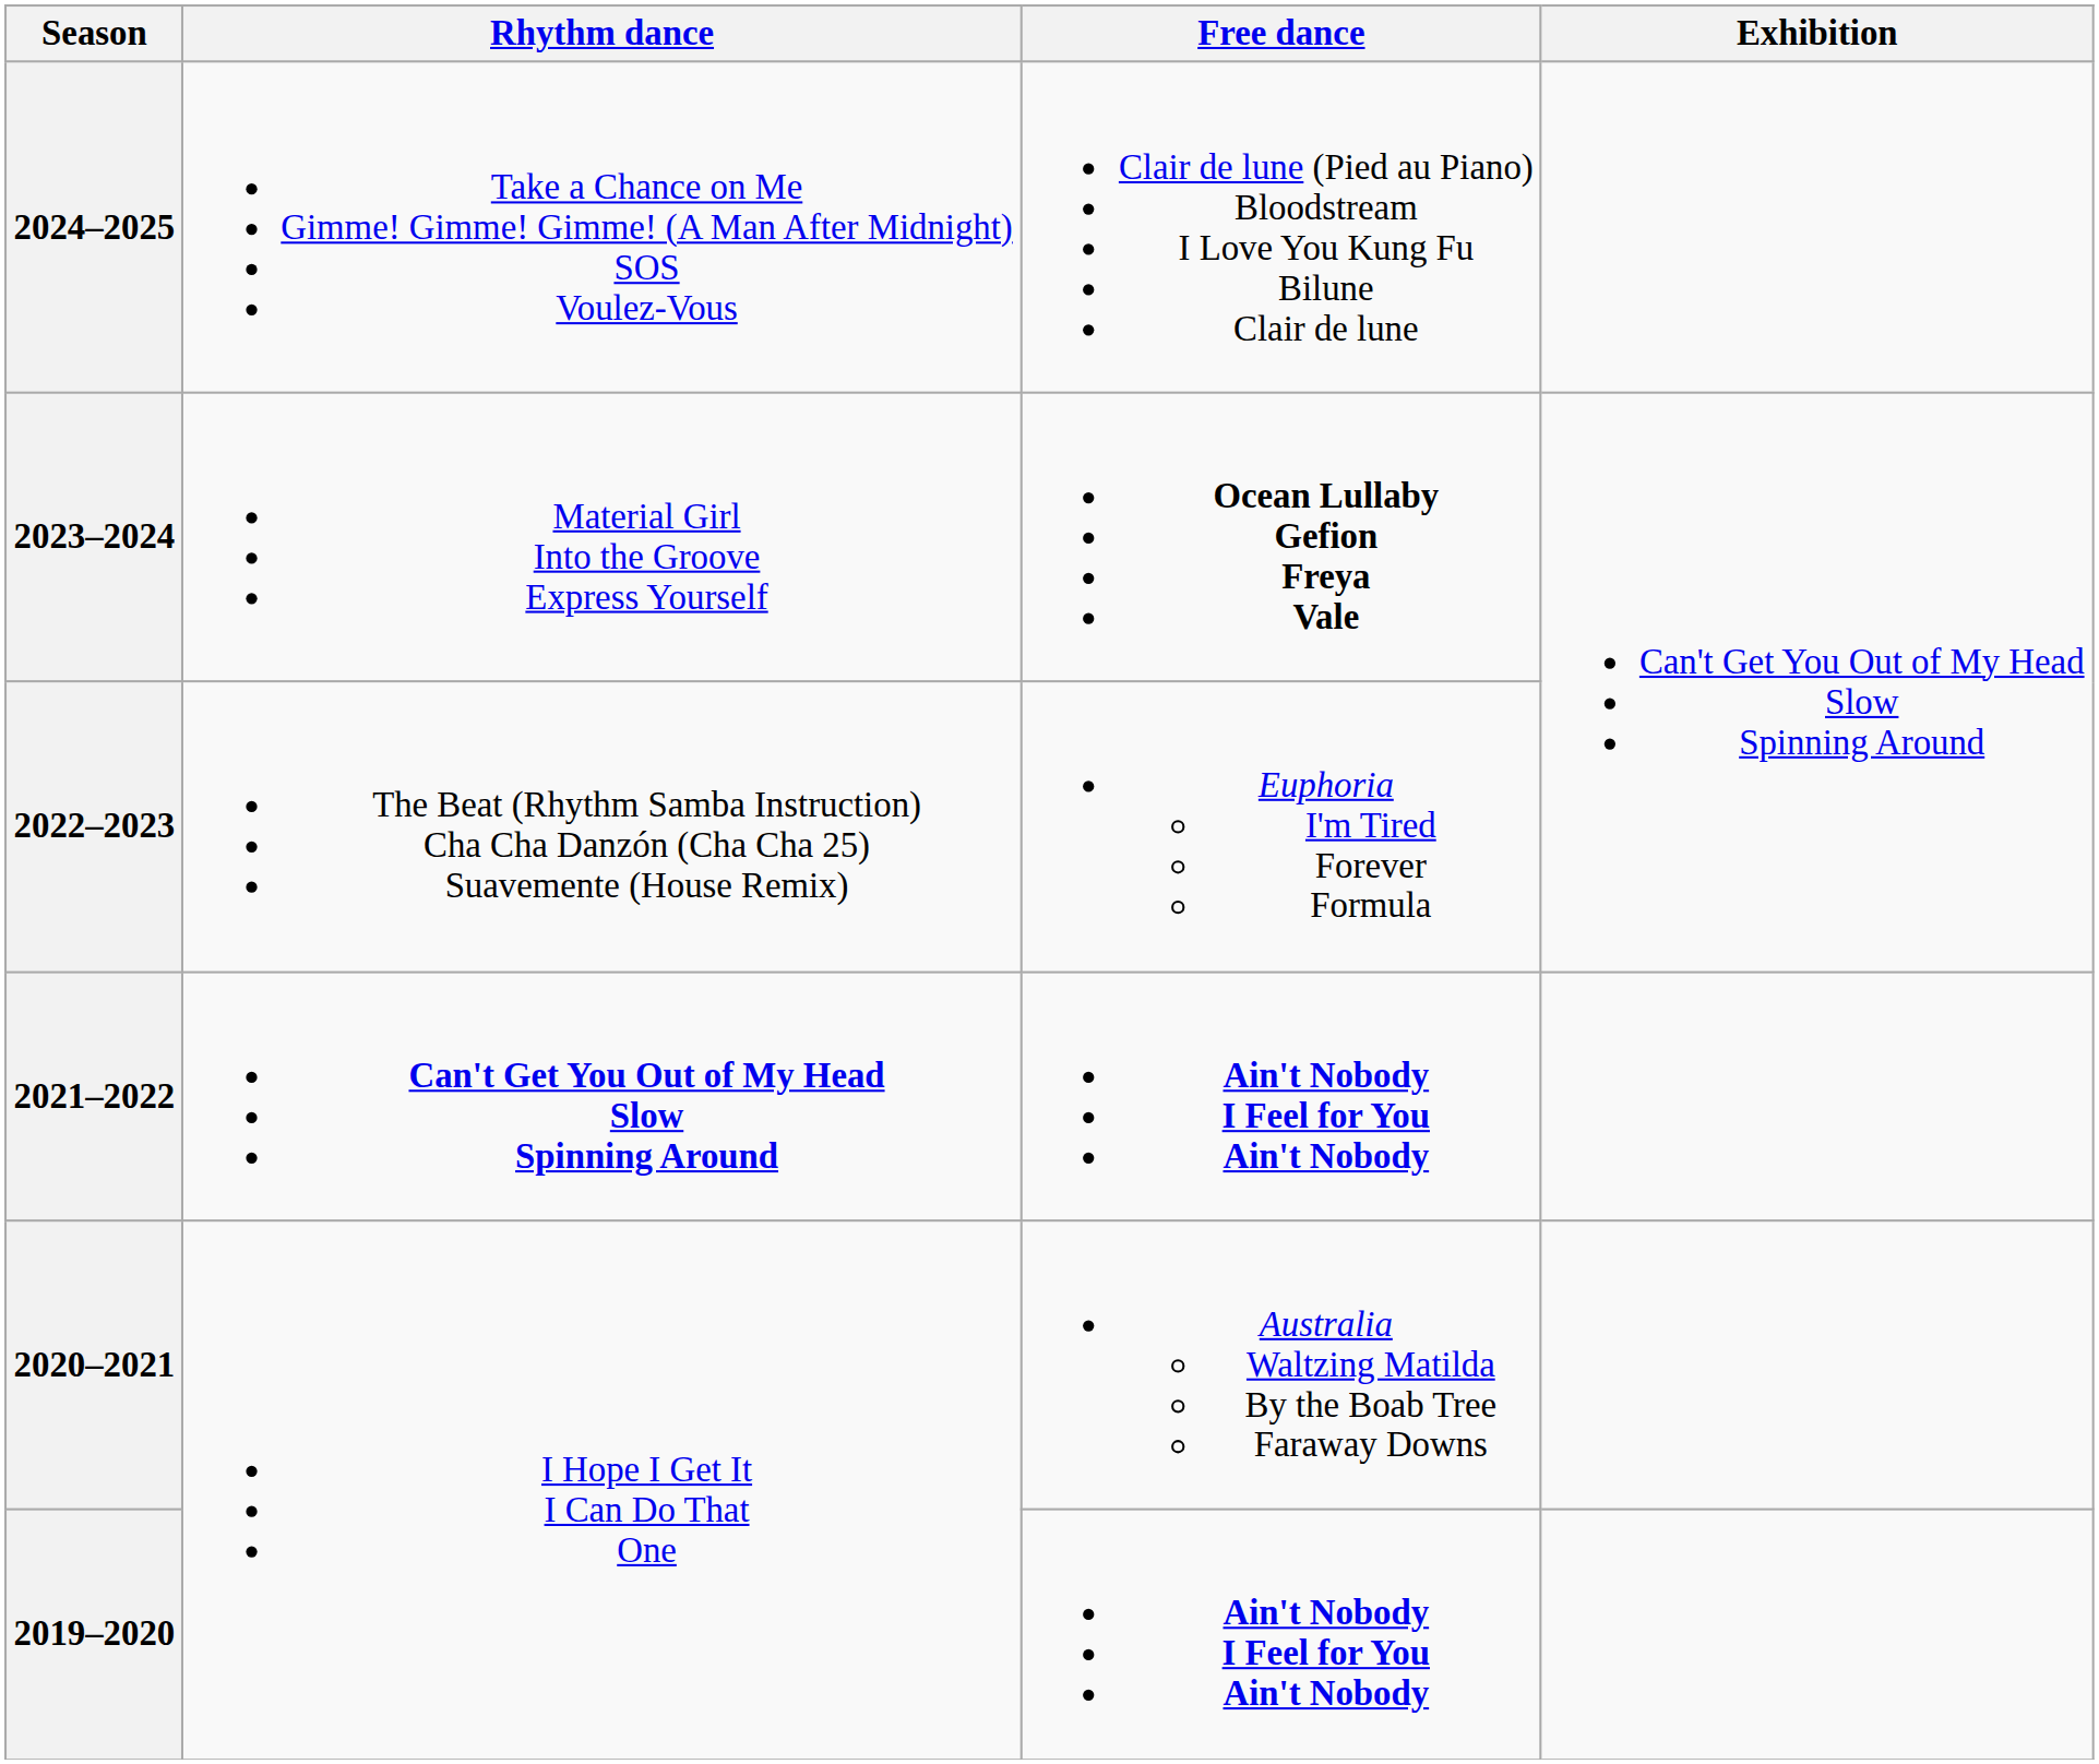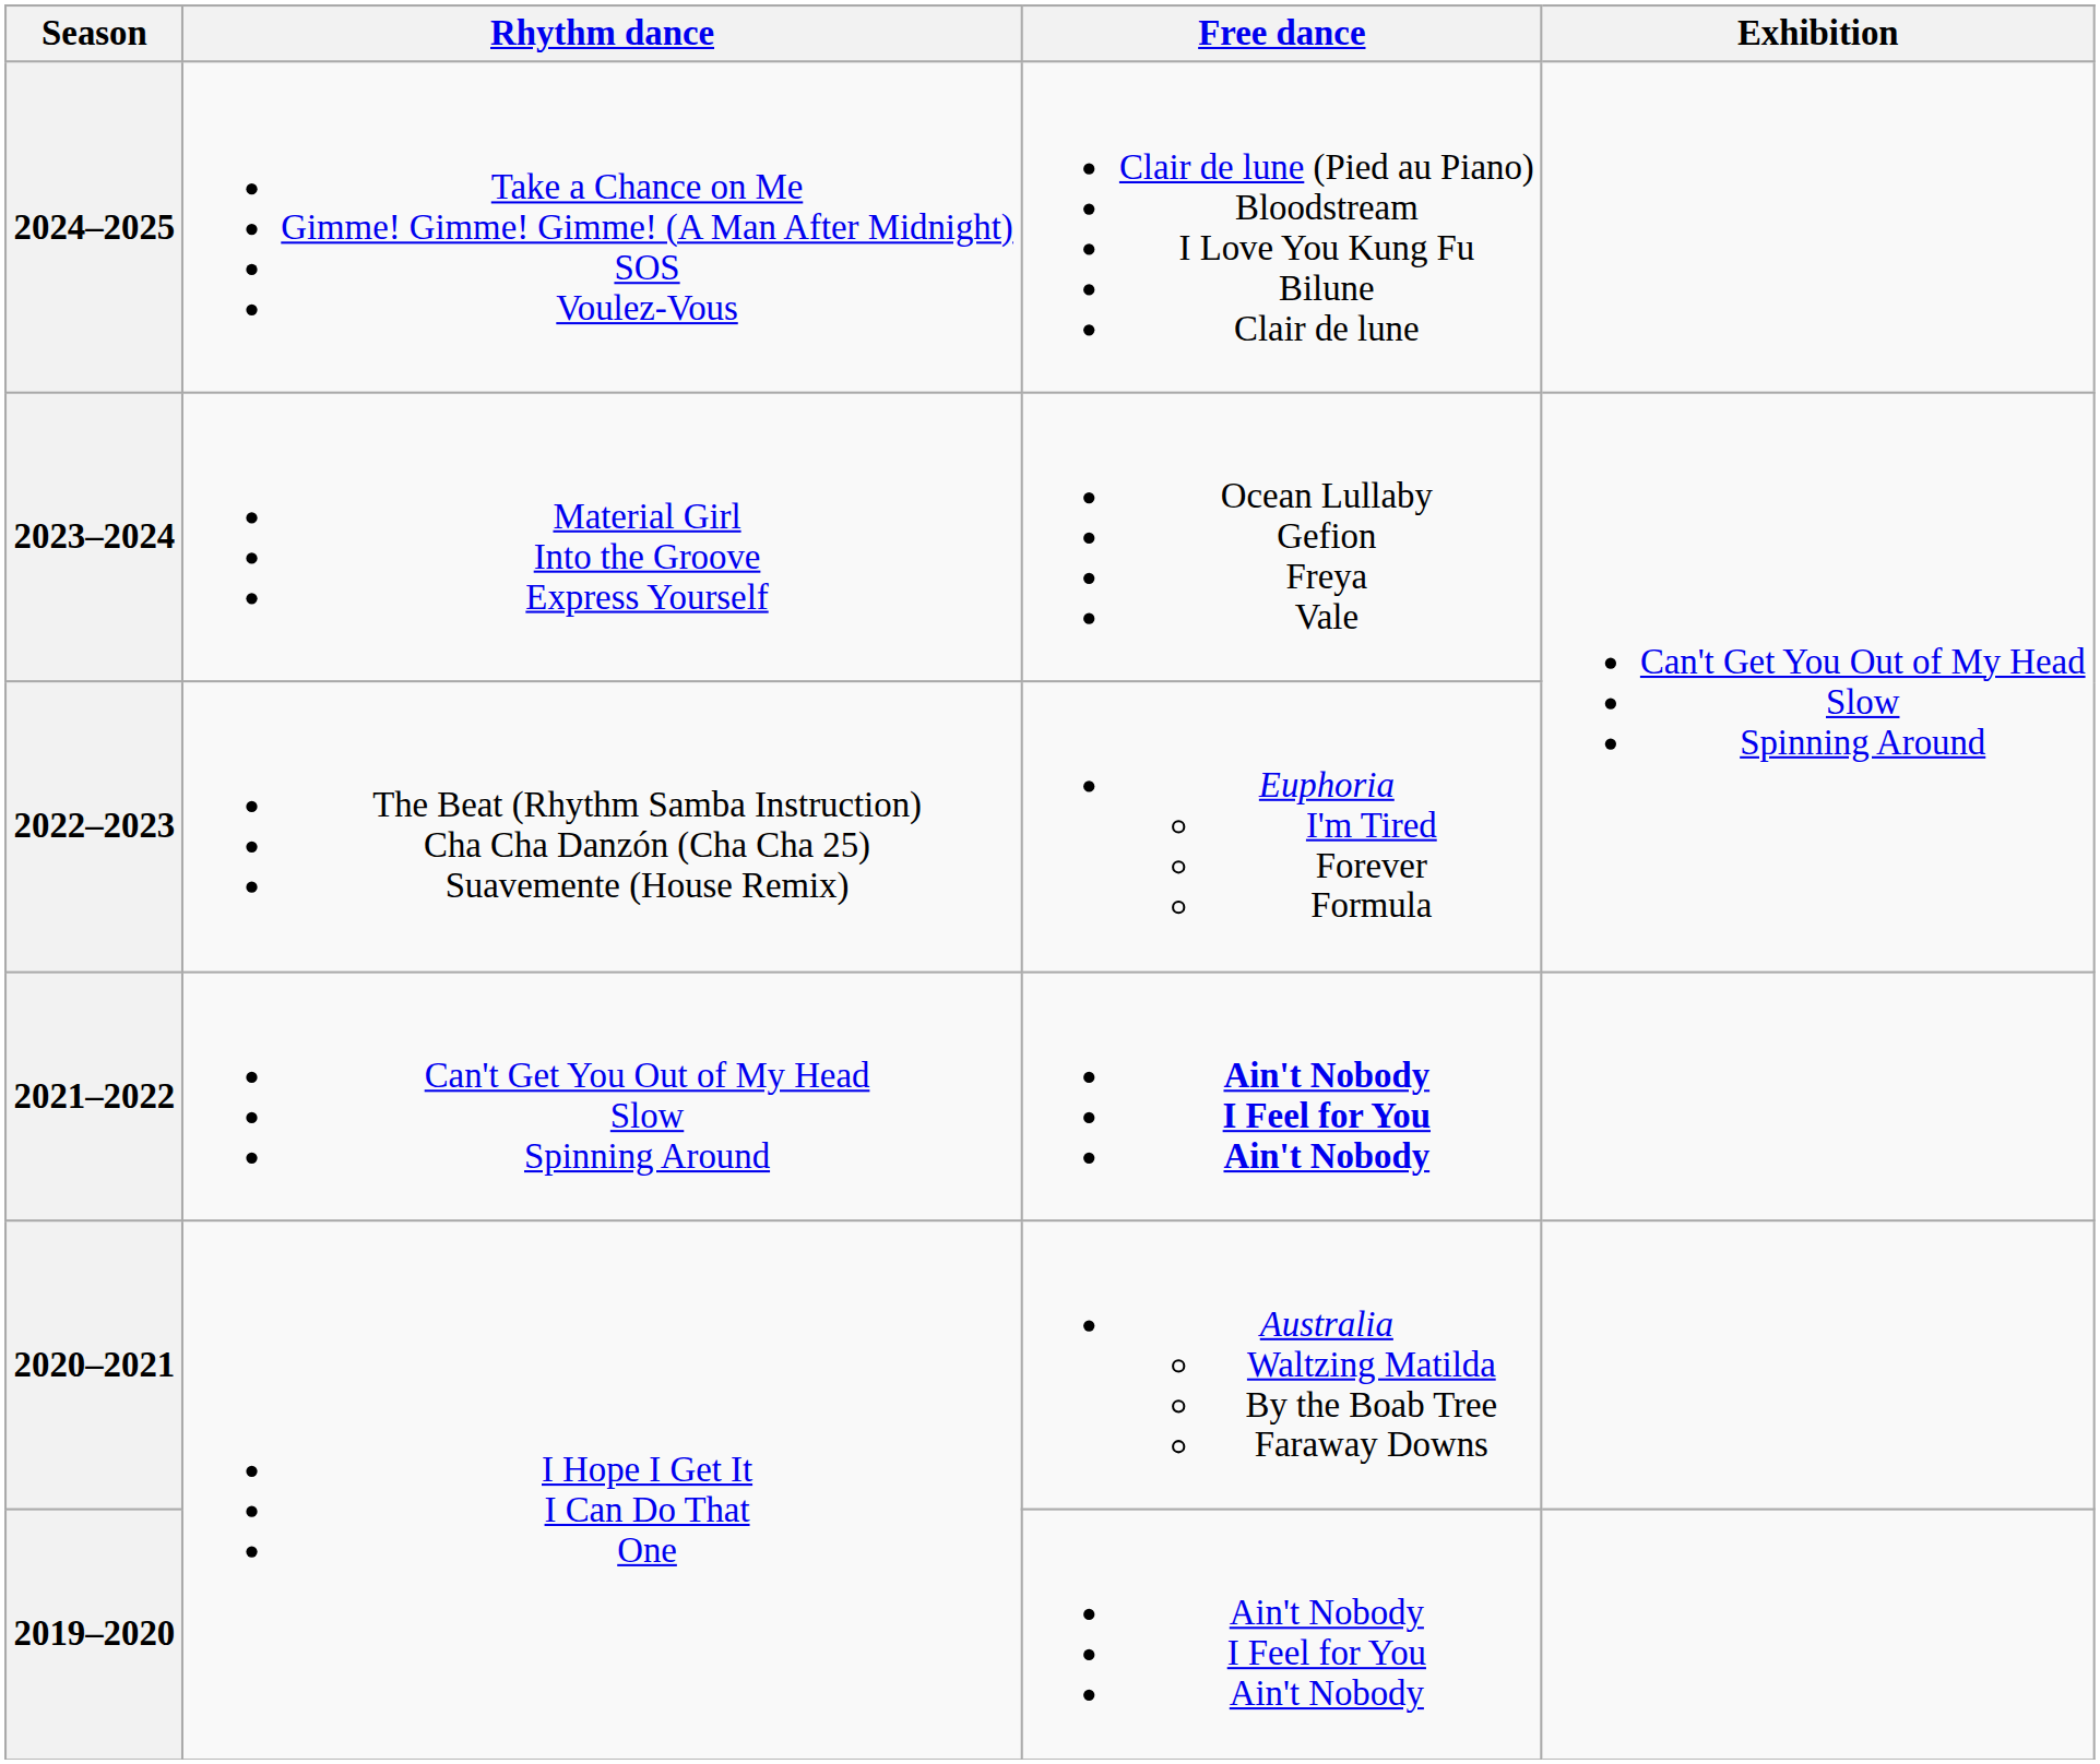 <table class=wikitable style=text-align:center>
 <tr>
 <th>Season</th>
 <th><a href='#'>Rhythm dance</a></th>
 <th><a href='#'>Free dance</a></th>
 <th>Exhibition</th>
 </tr>
 <tr>
 <th>2024–2025 <br> </th>
 <td><br><ul><li><a href='#'>Take a Chance on Me</a></li><li><a href='#'>Gimme! Gimme! Gimme! (A Man After Midnight)</a></li><li><a href='#'>SOS</a></li><li><a href='#'>Voulez-Vous</a> <br> </li></ul></td>
 <td><br><ul><li><a href='#'>Clair de lune</a> (Pied au Piano) <br> </li><li>Bloodstream <br> </li><li>I Love You Kung Fu <br> </li><li>Bilune <br> </li><li>Clair de lune <br> </li></ul></td>
 </tr>
 <tr>
 <th>2023–2024 <br> </th>
 <td><br><ul><li><a href='#'>Material Girl</a></li><li><a href='#'>Into the Groove</a></li><li><a href='#'>Express Yourself</a> <br> </li></ul></td>
-<td><strong><br><ul><li>Ocean Lullaby <br> </li><li>Gefion</li><li>Freya <br> </li><li>Vale <br> </li></ul></strong></td>
+<td><br><ul><li>Ocean Lullaby <br> </li><li>Gefion</li><li>Freya <br> </li><li>Vale <br> </li></ul></td>
 <td rowspan=2><br><ul><li><a href='#'>Can't Get You Out of My Head</a></li><li><a href='#'> Slow</a></li><li><a href='#'>Spinning Around</a><br></li></ul></td>
 </tr>
 <tr>
 <th>2022–2023 <br> </th>
 <td><br><ul><li> The Beat (Rhythm Samba Instruction) <br> </li><li> Cha Cha Danzón (Cha Cha 25) <br> </li><li> Suavemente (House Remix) <br> </li></ul></td>
 <td><br><ul><li><em><a href='#'>Euphoria</a></em><ul><li><a href='#'>I'm Tired</a> <br> </li><li>Forever</li><li>Formula <br> </li></ul></li></ul></td>
 </tr>
 <tr>
 <th>2021–2022 <br> </th>
-<td><strong><br><ul><li> <a href='#'>Can't Get You Out of My Head</a></li><li> <a href='#'>Slow</a></li><li> <a href='#'>Spinning Around</a><br></li></ul></strong></td>
+<td><br><ul><li> <a href='#'>Can't Get You Out of My Head</a></li><li> <a href='#'>Slow</a></li><li> <a href='#'>Spinning Around</a><br></li></ul></td>
 <td><strong><br><ul><li><a href='#'>Ain't Nobody</a><br></li><li><a href='#'>I Feel for You</a><br></li><li><a href='#'>Ain't Nobody</a><br></li></ul></strong></td>
 <td></td>
 </tr>
 <tr>
 <th>2020–2021 <br> </th>
 <td rowspan=2><br><ul><li> <a href='#'>I Hope I Get It</a></li><li> <a href='#'>I Can Do That</a></li><li> <a href='#'>One</a><br></li></ul></td>
 <td><br><ul><li><em><a href='#'>Australia</a></em><ul><li><a href='#'>Waltzing Matilda</a></li><li>By the Boab Tree<br></li><li>Faraway Downs <br> </li></ul></li></ul></td>
 <td></td>
 </tr>
 <tr>
 <th>2019–2020 <br></th>
-<td><strong><br><ul><li><a href='#'>Ain't Nobody</a><br></li><li><a href='#'>I Feel for You</a><br></li><li><a href='#'>Ain't Nobody</a><br></li></ul></strong></td>
+<td><br><ul><li><a href='#'>Ain't Nobody</a><br></li><li><a href='#'>I Feel for You</a><br></li><li><a href='#'>Ain't Nobody</a><br></li></ul></td>
 <td></td>
 </tr>
 </table>
